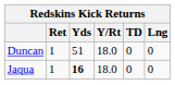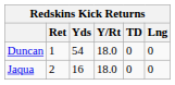 <table class="wikitable">
 <tr>
 <th colspan="6">Redskins Kick Returns</th>
 </tr>
 <tr>
 <th></th>
 <th>Ret</th>
 <th>Yds</th>
 <th>Y/Rt</th>
 <th>TD</th>
 <th>Lng</th>
 </tr>
 <tr>
 <td><a href='#'>Duncan</a></td>
 <td>1</td>
-<td>51</td>
+<td>54</td>
 <td>18.0</td>
 <td>0</td>
 <td>0</td>
 </tr>
 <tr>
 <td><a href='#'>Jaqua</a></td>
-<td>1</td>
-<td><strong>16</strong></td>
+<td>2</td>
+<td>16</td>
 <td>18.0</td>
 <td>0</td>
 <td>0</td>
 </tr>
 </table>
